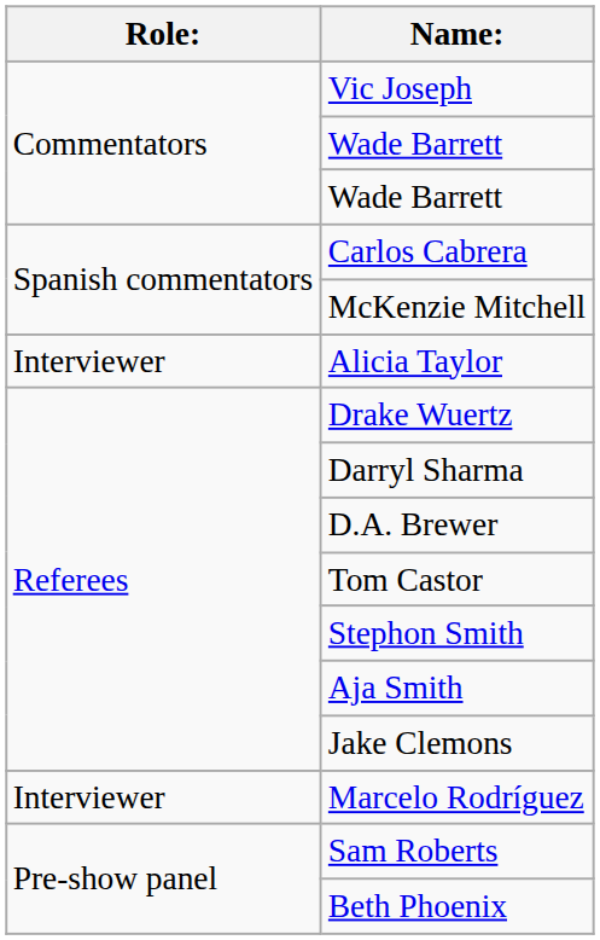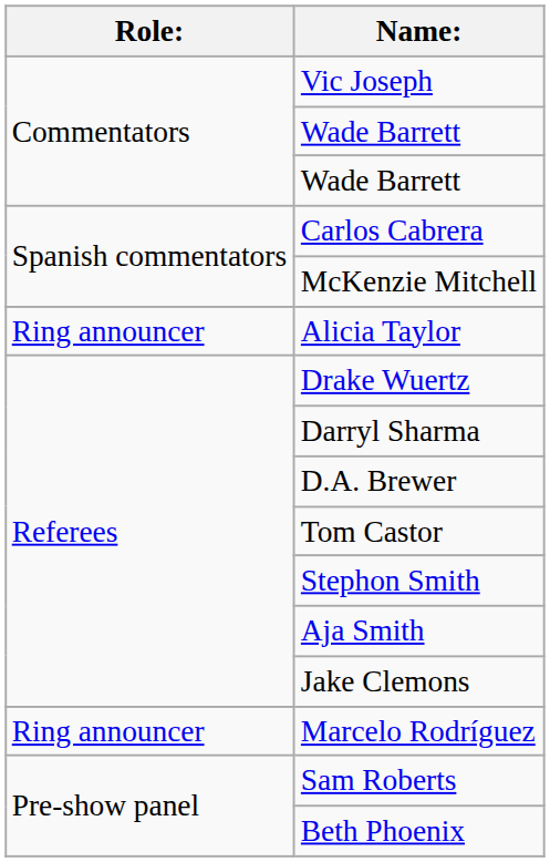 <table class=wikitable style="font-size:90%; margin: 0.5em 0 0.5em 1em; float: right; clear: right;">
 <tr>
 <th>Role:</th>
 <th>Name:</th>
 </tr>
 <tr>
 <td rowspan=3>Commentators</td>
 <td><a href='#'>Vic Joseph</a></td>
 </tr>
 <tr>
 <td><a href='#'>Wade Barrett</a></td>
 </tr>
 <tr>
 <td>Wade Barrett</td>
 </tr>
 <tr>
 <td rowspan=2>Spanish commentators</td>
 <td><a href='#'>Carlos Cabrera</a></td>
 </tr>
 <tr>
 <td>McKenzie Mitchell</td>
 </tr>
 <tr>
-<td rowspan=1>Interviewer</td>
+<td rowspan=1><a href='#'>Ring announcer</a></td>
 <td><a href='#'>Alicia Taylor</a></td>
 </tr>
 <tr>
 <td rowspan=7><a href='#'>Referees</a></td>
 <td><a href='#'>Drake Wuertz</a></td>
 </tr>
 <tr>
 <td>Darryl Sharma</td>
 </tr>
 <tr>
 <td>D.A. Brewer</td>
 </tr>
 <tr>
 <td>Tom Castor</td>
 </tr>
 <tr>
 <td><a href='#'>Stephon Smith</a></td>
 </tr>
 <tr>
 <td><a href='#'>Aja Smith</a></td>
 </tr>
 <tr>
 <td>Jake Clemons</td>
 </tr>
 <tr>
-<td rowspan=1>Interviewer</td>
+<td rowspan=1><a href='#'>Ring announcer</a></td>
 <td><a href='#'>Marcelo Rodríguez</a></td>
 </tr>
 <tr>
 <td rowspan=2>Pre-show panel</td>
 <td><a href='#'>Sam Roberts</a></td>
 </tr>
 <tr>
 <td><a href='#'>Beth Phoenix</a></td>
 </tr>
 </table>
